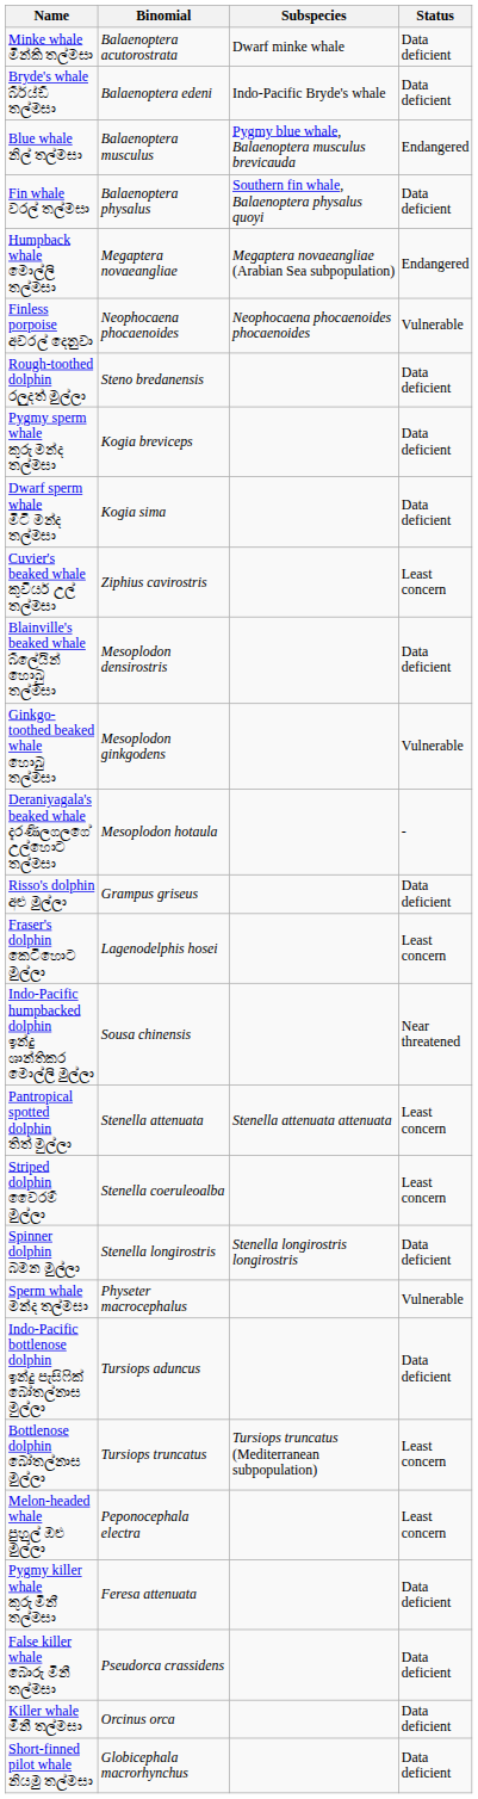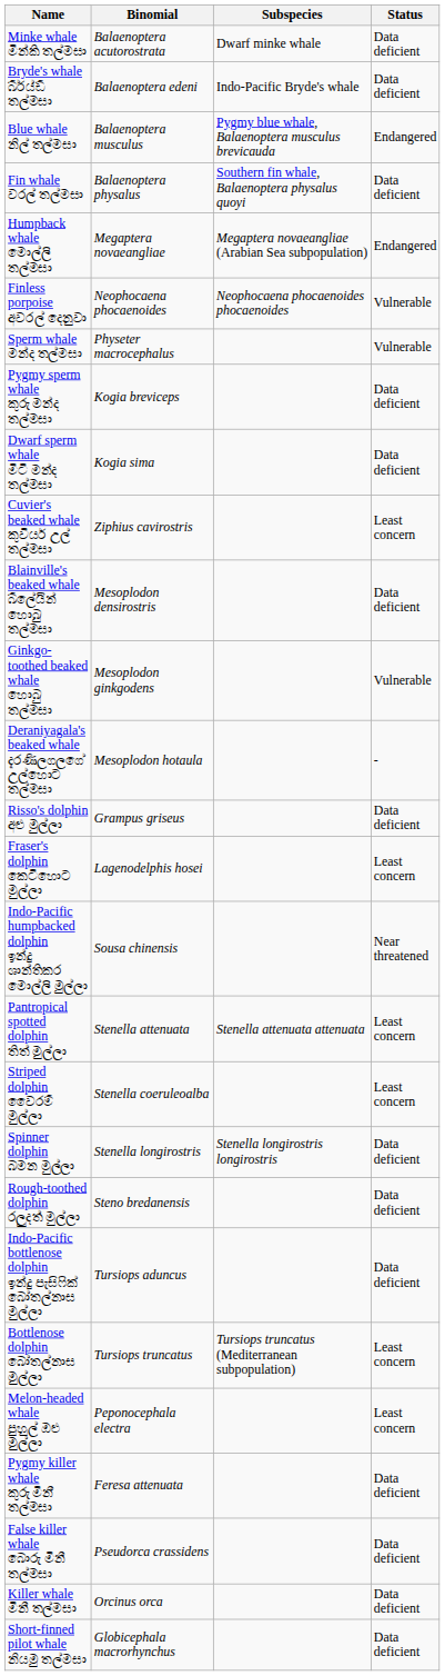 <table width=60% class="wikitable">
 <tr>
 <th width=20%>Name</th>
 <th width=30%>Binomial</th>
 <th width=40%>Subspecies</th>
 <th width=30%>Status</th>
 </tr>
 <tr>
 <td><a href='#'>Minke whale</a><br>මින්කි තල්මසා<br></td>
 <td><em>Balaenoptera acutorostrata</em></td>
 <td>Dwarf minke whale</td>
 <td>Data deficient</td>
 </tr>
 <tr>
 <td><a href='#'>Bryde's whale</a><br>බ්ර්ය්ඩ් තල්මසා<br></td>
 <td><em>Balaenoptera edeni</em></td>
 <td>Indo-Pacific Bryde's whale</td>
 <td>Data deficient</td>
 </tr>
 <tr>
 <td><a href='#'>Blue whale</a><br>නිල් තල්මසා<br></td>
 <td><em>Balaenoptera musculus</em></td>
 <td><a href='#'>Pygmy blue whale</a>,<br><em>Balaenoptera musculus brevicauda</em></td>
 <td>Endangered</td>
 </tr>
 <tr>
 <td><a href='#'>Fin whale</a><br>වරල් තල්මසා<br></td>
 <td><em>Balaenoptera physalus</em></td>
 <td><a href='#'>Southern fin whale</a>,<br><em>Balaenoptera physalus quoyi</em></td>
 <td>Data deficient</td>
 </tr>
 <tr>
 <td><a href='#'>Humpback whale</a><br>මොල්ලි තල්මසා<br></td>
 <td><em>Megaptera novaeangliae</em></td>
 <td><em>Megaptera novaeangliae</em> (Arabian Sea subpopulation)</td>
 <td>Endangered</td>
 </tr>
 <tr>
 <td><a href='#'>Finless porpoise</a><br>අවරල් දෙනුවා<br></td>
 <td><em>Neophocaena phocaenoides</em></td>
 <td><em>Neophocaena phocaenoides phocaenoides</em></td>
 <td>Vulnerable</td>
 </tr>
 <tr>
-<td><a href='#'>Rough-toothed dolphin</a><br>රලුදත් මුල්ලා<br></td>
-<td><em>Steno bredanensis</em></td>
+<td><a href='#'>Sperm whale</a><br>මන්ද තල්මසා<br></td>
+<td><em>Physeter macrocephalus</em></td>
 <td></td>
-<td>Data deficient</td>
+<td>Vulnerable</td>
 </tr>
 <tr>
 <td><a href='#'>Pygmy sperm whale</a><br>කුරු මන්ද තල්මසා<br></td>
 <td><em>Kogia breviceps</em></td>
 <td></td>
 <td>Data deficient</td>
 </tr>
 <tr>
 <td><a href='#'>Dwarf sperm whale</a><br>මිටි මන්ද තල්මසා<br></td>
 <td><em>Kogia sima</em></td>
 <td></td>
 <td>Data deficient</td>
 </tr>
 <tr>
 <td><a href='#'>Cuvier's beaked whale</a><br>කුවියර් උල් තල්මසා<br></td>
 <td><em>Ziphius cavirostris</em></td>
 <td></td>
 <td>Least concern</td>
 </tr>
 <tr>
 <td><a href='#'>Blainville's beaked whale</a><br>බ්ලේයින් හොබු තල්මසා<br></td>
 <td><em>Mesoplodon densirostris</em></td>
 <td></td>
 <td>Data deficient</td>
 </tr>
 <tr>
 <td><a href='#'>Ginkgo-toothed beaked whale</a><br>හොබු තල්මසා</td>
 <td><em>Mesoplodon ginkgodens</em></td>
 <td></td>
 <td>Vulnerable</td>
 </tr>
 <tr>
 <td><a href='#'>Deraniyagala's beaked whale</a><br>දැරණිලගලගේ උල්හොට තල්මසා</td>
 <td><em>Mesoplodon hotaula</em></td>
 <td></td>
 <td>-</td>
 </tr>
 <tr>
 <td><a href='#'>Risso's dolphin</a><br>අළු මුල්ලා<br></td>
 <td><em>Grampus griseus</em></td>
 <td></td>
 <td>Data deficient</td>
 </tr>
 <tr>
 <td><a href='#'>Fraser's dolphin</a><br>කෙටිහොට මුල්ලා<br></td>
 <td><em>Lagenodelphis hosei</em></td>
 <td></td>
 <td>Least concern</td>
 </tr>
 <tr>
 <td><a href='#'>Indo-Pacific humpbacked dolphin</a><br>ඉන්දු ශාන්තිකර මොල්ලි මුල්ලා<br></td>
 <td><em>Sousa chinensis</em></td>
 <td></td>
 <td>Near threatened</td>
 </tr>
 <tr>
 <td><a href='#'>Pantropical spotted dolphin</a><br>තිත් මුල්ලා<br></td>
 <td><em>Stenella attenuata</em></td>
 <td><em>Stenella attenuata attenuata</em></td>
 <td>Least concern</td>
 </tr>
 <tr>
 <td><a href='#'>Striped dolphin</a><br>වෛරම් මුල්ලා<br></td>
 <td><em>Stenella coeruleoalba</em></td>
 <td></td>
 <td>Least concern</td>
 </tr>
 <tr>
 <td><a href='#'>Spinner dolphin</a><br>බමන මුල්ලා<br></td>
 <td><em>Stenella longirostris</em></td>
 <td><em>Stenella longirostris longirostris</em></td>
 <td>Data deficient</td>
 </tr>
 <tr>
-<td><a href='#'>Sperm whale</a><br>මන්ද තල්මසා<br></td>
-<td><em>Physeter macrocephalus</em></td>
+<td><a href='#'>Rough-toothed dolphin</a><br>රලුදත් මුල්ලා<br></td>
+<td><em>Steno bredanensis</em></td>
 <td></td>
-<td>Vulnerable</td>
+<td>Data deficient</td>
 </tr>
 <tr>
 <td><a href='#'>Indo-Pacific bottlenose dolphin</a><br>ඉන්දු පැසි‍ෆික් බෝතල්නාස මුල්ලා<br></td>
 <td><em>Tursiops aduncus</em></td>
 <td></td>
 <td>Data deficient</td>
 </tr>
 <tr>
 <td><a href='#'>Bottlenose dolphin</a><br>බෝතල්නාස මුල්ලා<br></td>
 <td><em>Tursiops truncatus</em></td>
 <td><em>Tursiops truncatus</em> (Mediterranean subpopulation)</td>
 <td>Least concern</td>
 </tr>
 <tr>
 <td><a href='#'>Melon-headed whale</a><br>පුහුල් ඔළු මුල්ලා<br></td>
 <td><em>Peponocephala electra</em></td>
 <td></td>
 <td>Least concern</td>
 </tr>
 <tr>
 <td><a href='#'>Pygmy killer whale</a><br>කුරු මිනී තල්මසා<br></td>
 <td><em>Feresa attenuata</em></td>
 <td></td>
 <td>Data deficient</td>
 </tr>
 <tr>
 <td><a href='#'>False killer whale</a><br>බොරු මිනී තල්මසා<br></td>
 <td><em>Pseudorca crassidens</em></td>
 <td></td>
 <td>Data deficient</td>
 </tr>
 <tr>
 <td><a href='#'>Killer whale</a><br>මිනී තල්මසා<br></td>
 <td><em>Orcinus orca</em></td>
 <td></td>
 <td>Data deficient</td>
 </tr>
 <tr>
 <td><a href='#'>Short-finned pilot whale</a><br>නියමු තල්මසා<br></td>
 <td><em>Globicephala macrorhynchus</em></td>
 <td></td>
 <td>Data deficient</td>
 </tr>
 </table>
